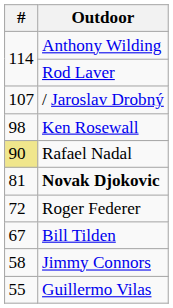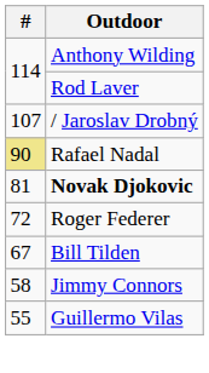 <table class=wikitable style="display:inline-table;">
 <tr>
 <th>#</th>
 <th>Outdoor</th>
 </tr>
 <tr>
 <td rowspan="2">114</td>
 <td> <a href='#'>Anthony Wilding</a></td>
 </tr>
 <tr>
 <td> <a href='#'>Rod Laver</a></td>
 </tr>
 <tr>
 <td>107</td>
 <td>/ <a href='#'>Jaroslav Drobný</a></td>
-</tr>
-<tr>
-<td>98</td>
-<td> <a href='#'>Ken Rosewall</a></td>
 </tr>
 <tr>
 <td style="background: khaki;">90</td>
 <td> Rafael Nadal</td>
 </tr>
 <tr>
 <td>81</td>
 <td> <strong>Novak Djokovic</strong></td>
 </tr>
 <tr>
 <td>72</td>
 <td> Roger Federer</td>
 </tr>
 <tr>
 <td>67</td>
 <td> <a href='#'>Bill Tilden</a></td>
 </tr>
 <tr>
 <td>58</td>
 <td> <a href='#'>Jimmy Connors</a></td>
 </tr>
 <tr>
 <td>55</td>
 <td> <a href='#'>Guillermo Vilas</a></td>
 </tr>
 </table>
